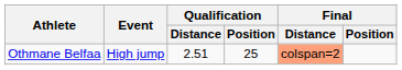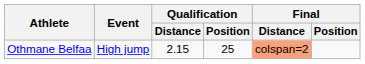 <table class=wikitable style="font-size:90%">
 <tr>
 <th rowspan="2">Athlete</th>
 <th rowspan="2">Event</th>
 <th colspan="2">Qualification</th>
 <th colspan="2">Final</th>
 </tr>
 <tr style="font-size:95%">
 <th>Distance</th>
 <th>Position</th>
 <th>Distance</th>
 <th>Position</th>
 </tr>
 <tr align=center>
 <td align=left><a href='#'>Othmane Belfaa</a></td>
 <td align=left><a href='#'>High jump</a></td>
-<td>2.51</td>
+<td>2.15</td>
 <td>25</td>
 <td style="background: lightsalmon;">colspan=2 </td>
 </tr>
 </table>
